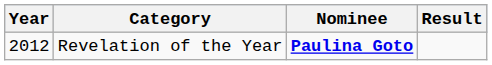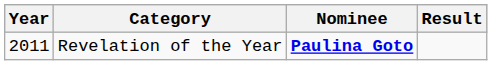 <table class="wikitable">
 <tr style="background:#b0c4de;">
 <th>Year</th>
 <th>Category</th>
 <th>Nominee</th>
 <th>Result</th>
 </tr>
 <tr>
-<td>2012</td>
+<td>2011</td>
 <td>Revelation of the Year</td>
 <td><strong><a href='#'>Paulina Goto</a></strong></td>
 <td></td>
 </tr>
 </table>
